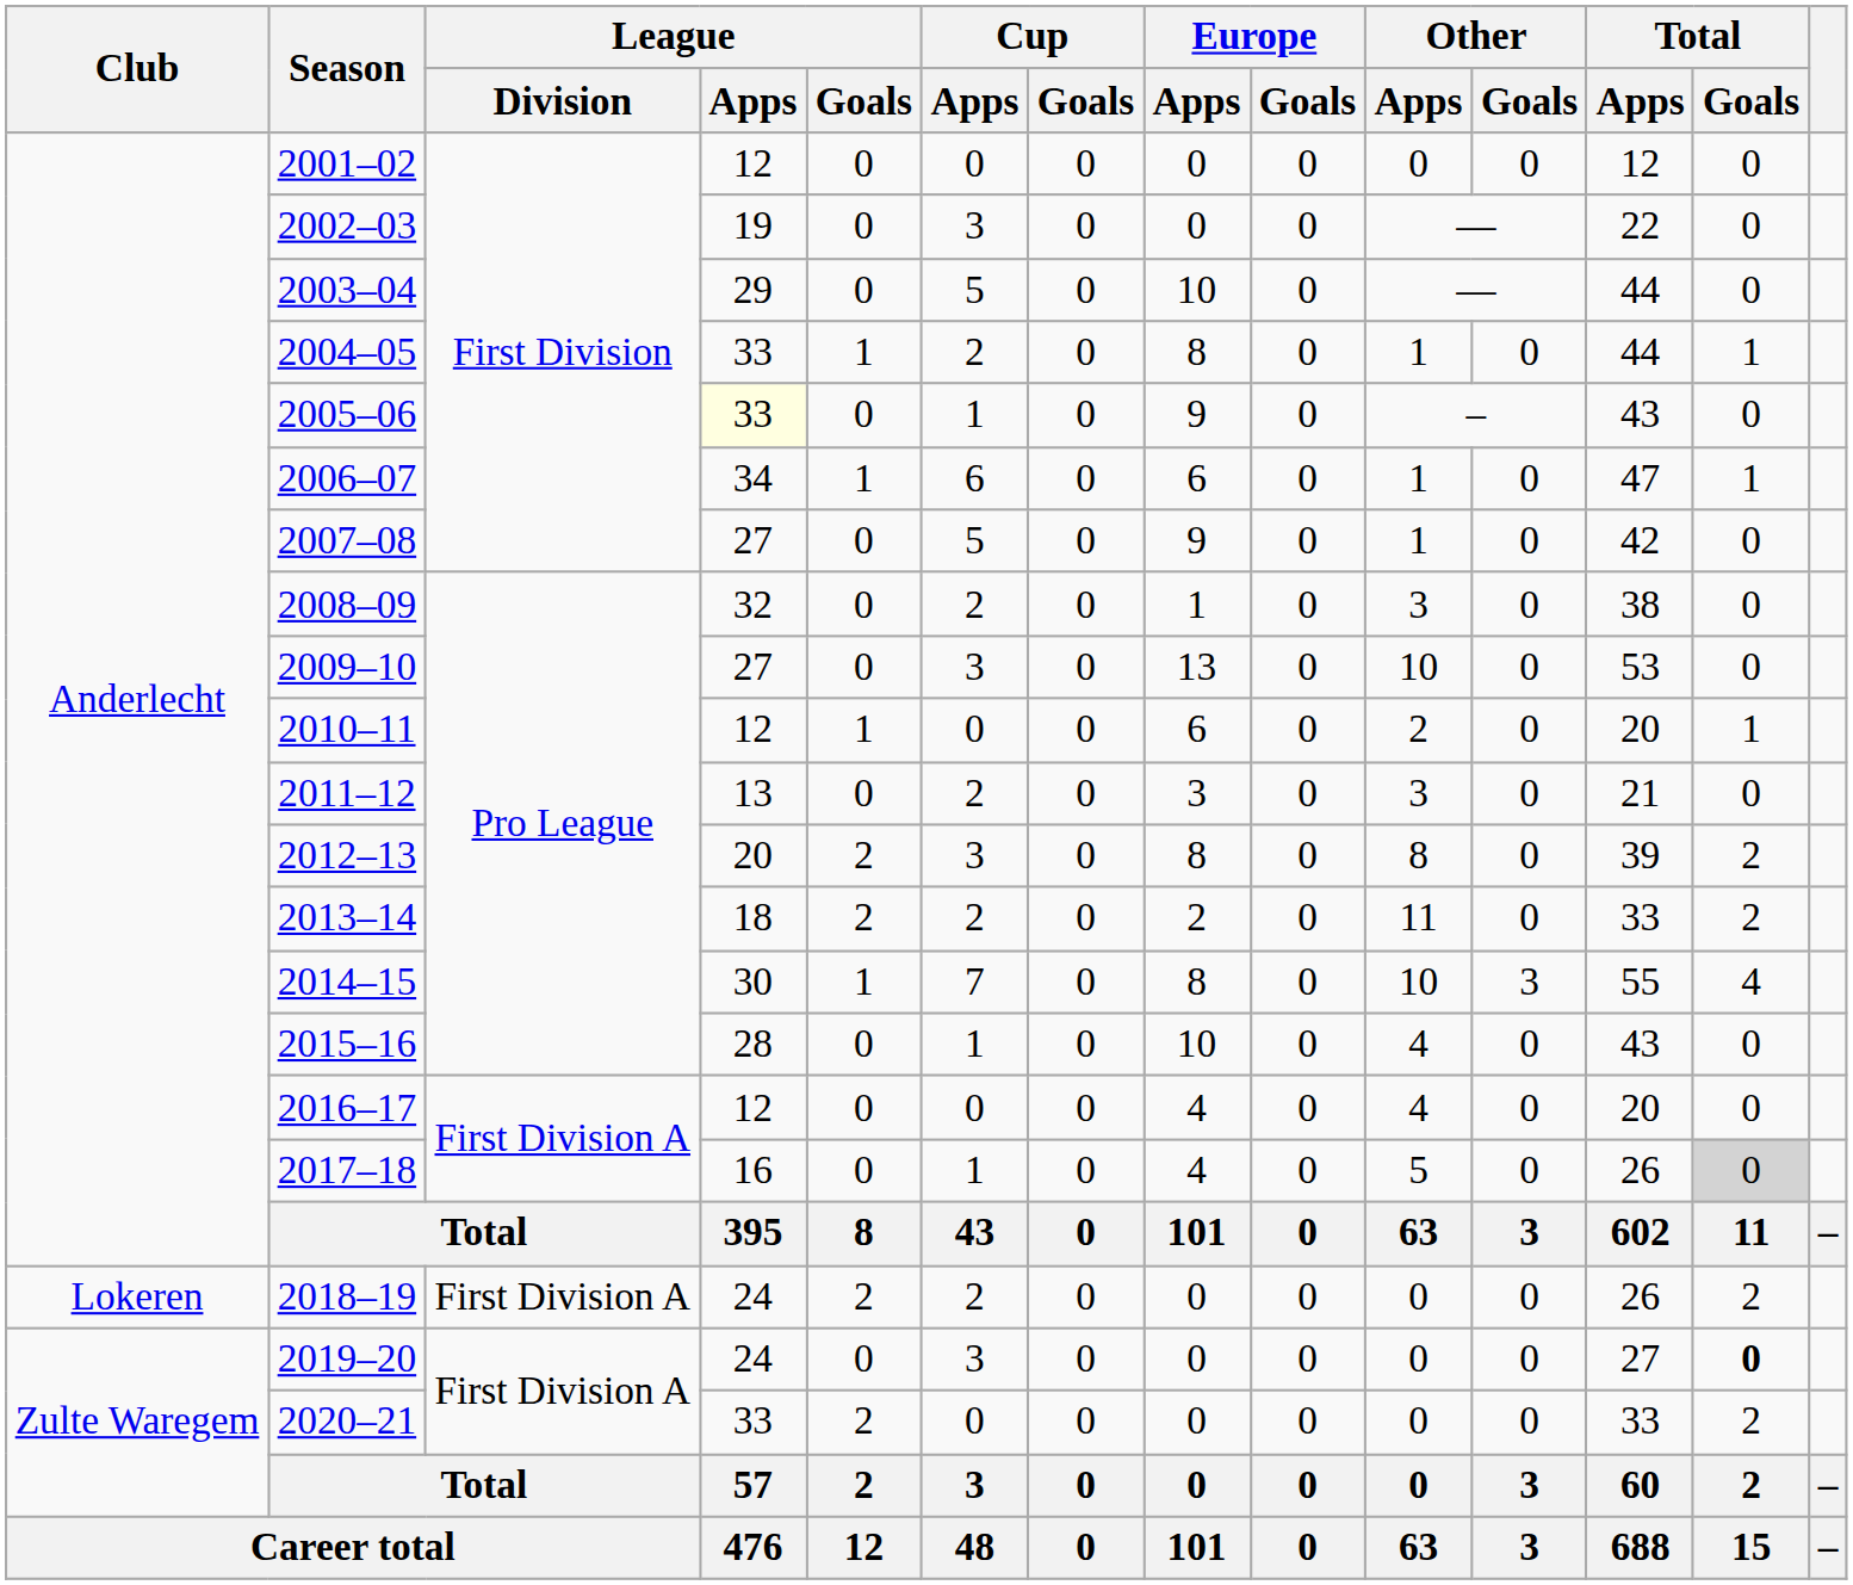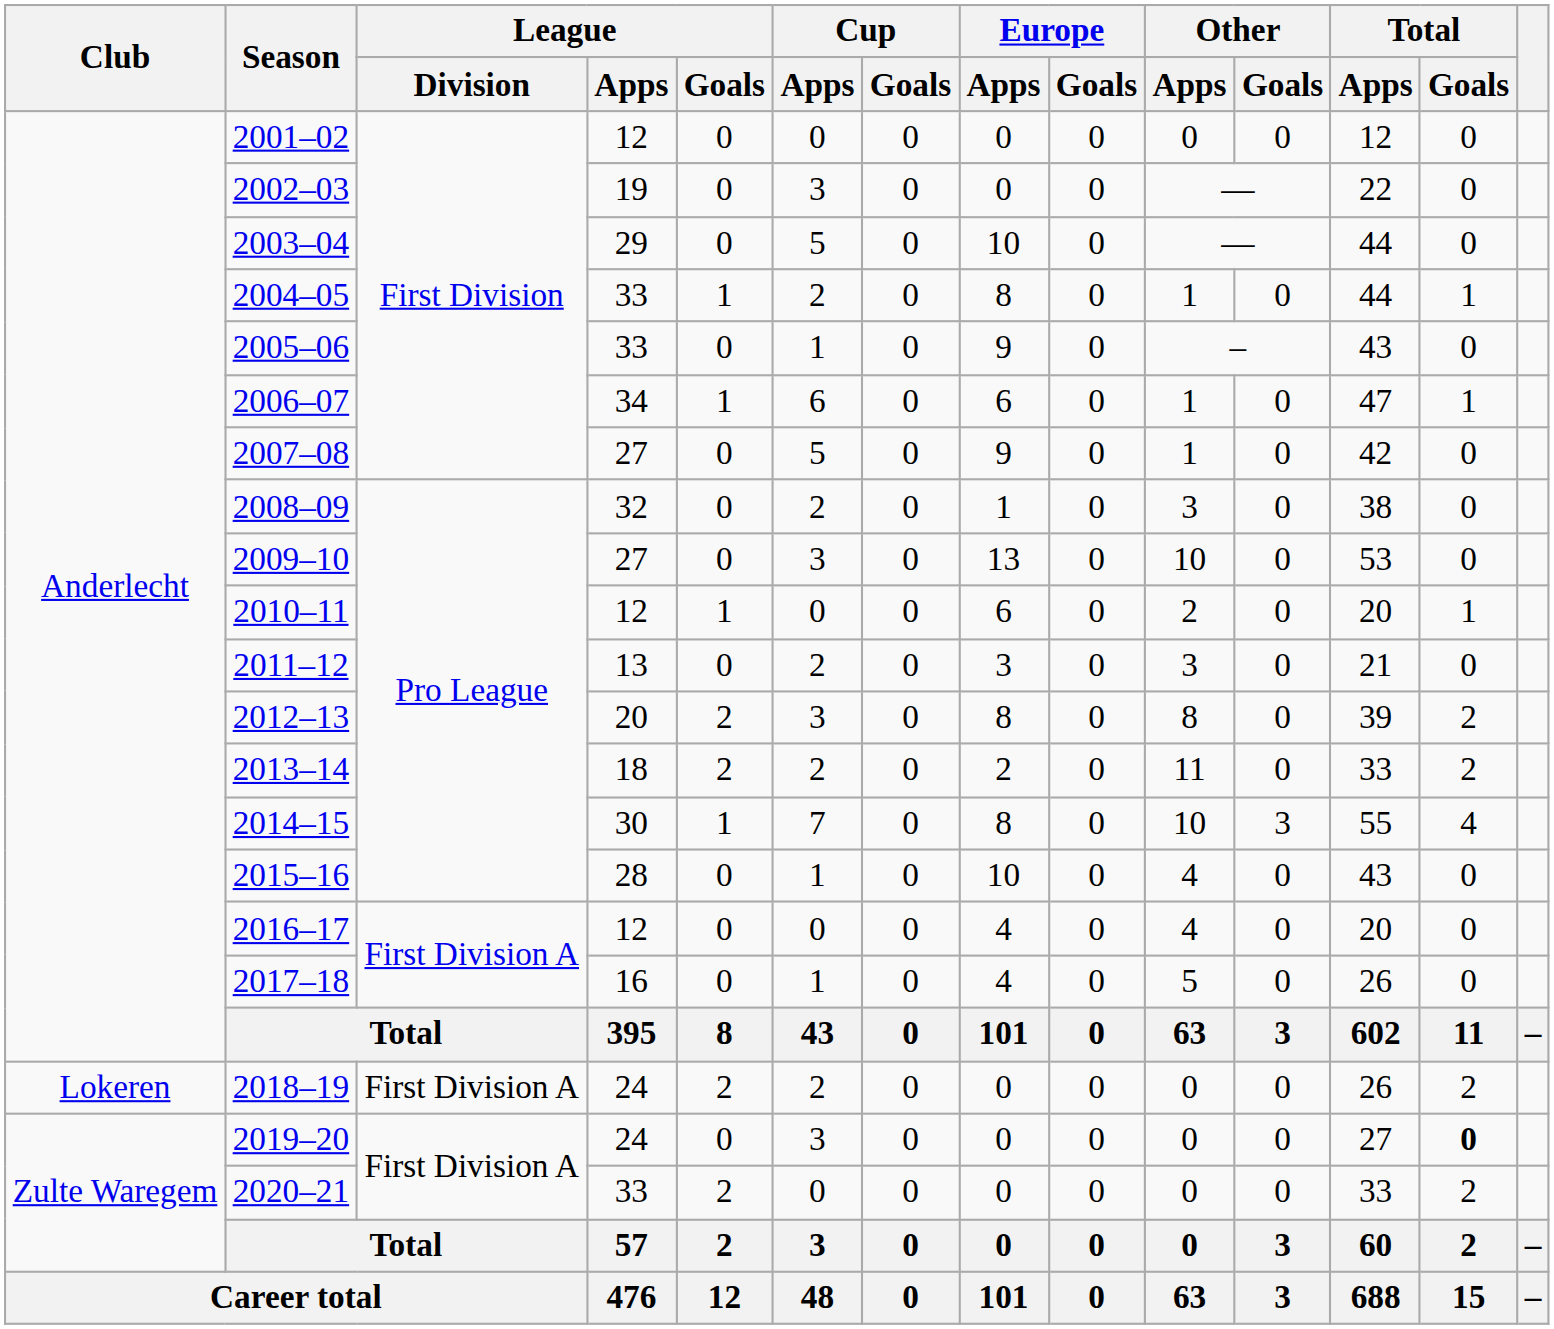 <table class="wikitable" style="text-align:center">
 <tr>
 <th rowspan="2">Club</th>
 <th rowspan="2">Season</th>
 <th colspan="3">League</th>
 <th colspan="2">Cup</th>
 <th colspan="2"><a href='#'>Europe</a></th>
 <th colspan="2">Other</th>
 <th colspan="2">Total</th>
 <th rowspan="2"></th>
 </tr>
 <tr>
 <th>Division</th>
 <th>Apps</th>
 <th>Goals</th>
 <th>Apps</th>
 <th>Goals</th>
 <th>Apps</th>
 <th>Goals</th>
 <th>Apps</th>
 <th>Goals</th>
 <th>Apps</th>
 <th>Goals</th>
 </tr>
 <tr>
 <td rowspan="18"><a href='#'>Anderlecht</a></td>
 <td><a href='#'>2001–02</a></td>
 <td rowspan="7"><a href='#'>First Division</a></td>
 <td>12</td>
 <td>0</td>
 <td>0</td>
 <td>0</td>
 <td>0</td>
 <td>0</td>
 <td>0</td>
 <td>0</td>
 <td>12</td>
 <td>0</td>
 <td></td>
 </tr>
 <tr>
 <td><a href='#'>2002–03</a></td>
 <td>19</td>
 <td>0</td>
 <td>3</td>
 <td>0</td>
 <td>0</td>
 <td>0</td>
 <td colspan="2">—</td>
 <td>22</td>
 <td>0</td>
 <td></td>
 </tr>
 <tr>
 <td><a href='#'>2003–04</a></td>
 <td>29</td>
 <td>0</td>
 <td>5</td>
 <td>0</td>
 <td>10</td>
 <td>0</td>
 <td colspan="2">—</td>
 <td>44</td>
 <td>0</td>
 <td></td>
 </tr>
 <tr>
 <td><a href='#'>2004–05</a></td>
 <td>33</td>
 <td>1</td>
 <td>2</td>
 <td>0</td>
 <td>8</td>
 <td>0</td>
 <td>1</td>
 <td>0</td>
 <td>44</td>
 <td>1</td>
 <td></td>
 </tr>
 <tr>
 <td><a href='#'>2005–06</a></td>
-<td style="background: lightyellow;">33</td>
+<td>33</td>
 <td>0</td>
 <td>1</td>
 <td>0</td>
 <td>9</td>
 <td>0</td>
 <td colspan="2">–</td>
 <td>43</td>
 <td>0</td>
 <td></td>
 </tr>
 <tr>
 <td><a href='#'>2006–07</a></td>
 <td>34</td>
 <td>1</td>
 <td>6</td>
 <td>0</td>
 <td>6</td>
 <td>0</td>
 <td>1</td>
 <td>0</td>
 <td>47</td>
 <td>1</td>
 <td></td>
 </tr>
 <tr>
 <td><a href='#'>2007–08</a></td>
 <td>27</td>
 <td>0</td>
 <td>5</td>
 <td>0</td>
 <td>9</td>
 <td>0</td>
 <td>1</td>
 <td>0</td>
 <td>42</td>
 <td>0</td>
 <td></td>
 </tr>
 <tr>
 <td><a href='#'>2008–09</a></td>
 <td rowspan="8"><a href='#'>Pro League</a></td>
 <td>32</td>
 <td>0</td>
 <td>2</td>
 <td>0</td>
 <td>1</td>
 <td>0</td>
 <td>3</td>
 <td>0</td>
 <td>38</td>
 <td>0</td>
 <td></td>
 </tr>
 <tr>
 <td><a href='#'>2009–10</a></td>
 <td>27</td>
 <td>0</td>
 <td>3</td>
 <td>0</td>
 <td>13</td>
 <td>0</td>
 <td>10</td>
 <td>0</td>
 <td>53</td>
 <td>0</td>
 <td></td>
 </tr>
 <tr>
 <td><a href='#'>2010–11</a></td>
 <td>12</td>
 <td>1</td>
 <td>0</td>
 <td>0</td>
 <td>6</td>
 <td>0</td>
 <td>2</td>
 <td>0</td>
 <td>20</td>
 <td>1</td>
 <td></td>
 </tr>
 <tr>
 <td><a href='#'>2011–12</a></td>
 <td>13</td>
 <td>0</td>
 <td>2</td>
 <td>0</td>
 <td>3</td>
 <td>0</td>
 <td>3</td>
 <td>0</td>
 <td>21</td>
 <td>0</td>
 <td></td>
 </tr>
 <tr>
 <td><a href='#'>2012–13</a></td>
 <td>20</td>
 <td>2</td>
 <td>3</td>
 <td>0</td>
 <td>8</td>
 <td>0</td>
 <td>8</td>
 <td>0</td>
 <td>39</td>
 <td>2</td>
 <td></td>
 </tr>
 <tr>
 <td><a href='#'>2013–14</a></td>
 <td>18</td>
 <td>2</td>
 <td>2</td>
 <td>0</td>
 <td>2</td>
 <td>0</td>
 <td>11</td>
 <td>0</td>
 <td>33</td>
 <td>2</td>
 <td></td>
 </tr>
 <tr>
 <td><a href='#'>2014–15</a></td>
 <td>30</td>
 <td>1</td>
 <td>7</td>
 <td>0</td>
 <td>8</td>
 <td>0</td>
 <td>10</td>
 <td>3</td>
 <td>55</td>
 <td>4</td>
 <td></td>
 </tr>
 <tr>
 <td><a href='#'>2015–16</a></td>
 <td>28</td>
 <td>0</td>
 <td>1</td>
 <td>0</td>
 <td>10</td>
 <td>0</td>
 <td>4</td>
 <td>0</td>
 <td>43</td>
 <td>0</td>
 <td></td>
 </tr>
 <tr>
 <td><a href='#'>2016–17</a></td>
 <td rowspan="2"><a href='#'>First Division A</a></td>
 <td>12</td>
 <td>0</td>
 <td>0</td>
 <td>0</td>
 <td>4</td>
 <td>0</td>
 <td>4</td>
 <td>0</td>
 <td>20</td>
 <td>0</td>
 <td></td>
 </tr>
 <tr>
 <td><a href='#'>2017–18</a></td>
 <td>16</td>
 <td>0</td>
 <td>1</td>
 <td>0</td>
 <td>4</td>
 <td>0</td>
 <td>5</td>
 <td>0</td>
 <td>26</td>
-<td style="background: lightgrey;">0</td>
+<td>0</td>
 <td></td>
 </tr>
 <tr>
 <th colspan="2">Total</th>
 <th>395</th>
 <th>8</th>
 <th>43</th>
 <th>0</th>
 <th>101</th>
 <th>0</th>
 <th>63</th>
 <th>3</th>
 <th>602</th>
 <th>11</th>
 <th>–</th>
 </tr>
 <tr>
 <td><a href='#'>Lokeren</a></td>
 <td><a href='#'>2018–19</a></td>
 <td>First Division A</td>
 <td>24</td>
 <td>2</td>
 <td>2</td>
 <td>0</td>
 <td>0</td>
 <td>0</td>
 <td>0</td>
 <td>0</td>
 <td>26</td>
 <td>2</td>
 <td></td>
 </tr>
 <tr>
 <td rowspan="3"><a href='#'>Zulte Waregem</a></td>
 <td><a href='#'>2019–20</a></td>
 <td rowspan="2">First Division A</td>
 <td>24</td>
 <td>0</td>
 <td>3</td>
 <td>0</td>
 <td>0</td>
 <td>0</td>
 <td>0</td>
 <td>0</td>
 <td>27</td>
 <td><strong>0</strong></td>
 <td></td>
 </tr>
 <tr>
 <td><a href='#'>2020–21</a></td>
 <td>33</td>
 <td>2</td>
 <td>0</td>
 <td>0</td>
 <td>0</td>
 <td>0</td>
 <td>0</td>
 <td>0</td>
 <td>33</td>
 <td>2</td>
 <td></td>
 </tr>
 <tr>
 <th colspan="2">Total</th>
 <th>57</th>
 <th>2</th>
 <th>3</th>
 <th>0</th>
 <th>0</th>
 <th>0</th>
 <th>0</th>
 <th>3</th>
 <th>60</th>
 <th>2</th>
 <th>–</th>
 </tr>
 <tr>
 <th colspan="3">Career total</th>
 <th>476</th>
 <th>12</th>
 <th>48</th>
 <th>0</th>
 <th>101</th>
 <th>0</th>
 <th>63</th>
 <th>3</th>
 <th>688</th>
 <th>15</th>
 <th>–</th>
 </tr>
 </table>
